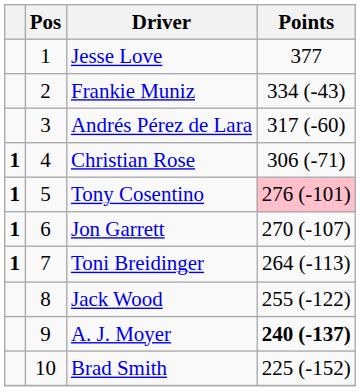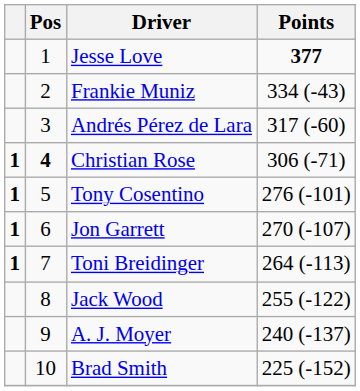 <table class="wikitable" style="font-size: 95%;">
 <tr>
 <th></th>
 <th>Pos</th>
 <th>Driver</th>
 <th>Points</th>
 </tr>
 <tr>
 <td align="left"></td>
 <td style="text-align:center;">1</td>
 <td><a href='#'>Jesse Love</a></td>
-<td style="text-align:center;">377</td>
+<td style="text-align:center;"><strong>377</strong></td>
 </tr>
 <tr>
 <td align="left"></td>
 <td style="text-align:center;">2</td>
 <td><a href='#'>Frankie Muniz</a></td>
 <td style="text-align:center;">334 (-43)</td>
 </tr>
 <tr>
 <td align="left"></td>
 <td style="text-align:center;">3</td>
 <td><a href='#'>Andrés Pérez de Lara</a></td>
 <td style="text-align:center;">317 (-60)</td>
 </tr>
 <tr>
 <td align="left"> <strong>1</strong></td>
-<td style="text-align:center;">4</td>
+<td style="text-align:center;"><strong>4</strong></td>
 <td><a href='#'>Christian Rose</a></td>
 <td style="text-align:center;">306 (-71)</td>
 </tr>
 <tr>
 <td align="left"> <strong>1</strong></td>
 <td style="text-align:center;">5</td>
 <td><a href='#'>Tony Cosentino</a></td>
-<td style="background: pink; text-align:center;">276 (-101)</td>
+<td style="text-align:center;">276 (-101)</td>
 </tr>
 <tr>
 <td align="left"> <strong>1</strong></td>
 <td style="text-align:center;">6</td>
 <td><a href='#'>Jon Garrett</a></td>
 <td style="text-align:center;">270 (-107)</td>
 </tr>
 <tr>
 <td align="left"> <strong>1</strong></td>
 <td style="text-align:center;">7</td>
 <td><a href='#'>Toni Breidinger</a></td>
 <td style="text-align:center;">264 (-113)</td>
 </tr>
 <tr>
 <td align="left"></td>
 <td style="text-align:center;">8</td>
 <td><a href='#'>Jack Wood</a></td>
 <td style="text-align:center;">255 (-122)</td>
 </tr>
 <tr>
 <td align="left"></td>
 <td style="text-align:center;">9</td>
 <td><a href='#'>A. J. Moyer</a></td>
-<td style="text-align:center;"><strong>240 (-137)</strong></td>
+<td style="text-align:center;">240 (-137)</td>
 </tr>
 <tr>
 <td align="left"></td>
 <td style="text-align:center;">10</td>
 <td><a href='#'>Brad Smith</a></td>
 <td style="text-align:center;">225 (-152)</td>
 </tr>
 <tr class="sortbottom">
 </tr>
 </table>
